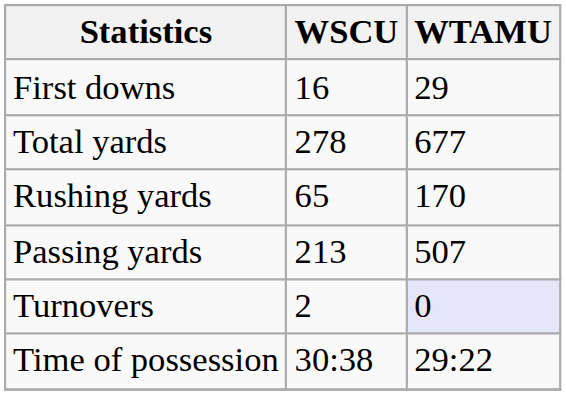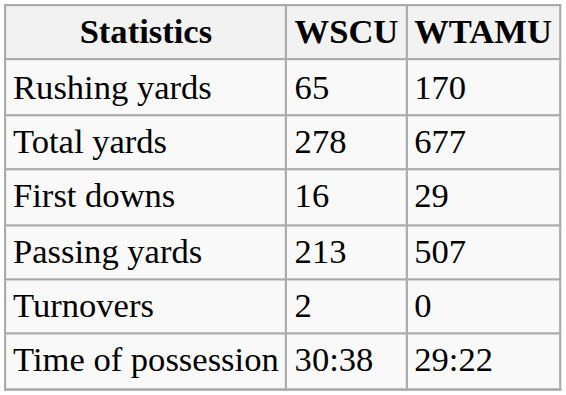 <table class="wikitable">
 <tr>
 <th>Statistics</th>
 <th>WSCU</th>
 <th>WTAMU</th>
 </tr>
 <tr>
-<td>First downs</td>
-<td>16</td>
-<td>29</td>
+<td>Rushing yards</td>
+<td>65</td>
+<td>170</td>
 </tr>
 <tr>
 <td>Total yards</td>
 <td>278</td>
 <td>677</td>
 </tr>
 <tr>
-<td>Rushing yards</td>
-<td>65</td>
-<td>170</td>
+<td>First downs</td>
+<td>16</td>
+<td>29</td>
 </tr>
 <tr>
 <td>Passing yards</td>
 <td>213</td>
 <td>507</td>
 </tr>
 <tr>
 <td>Turnovers</td>
 <td>2</td>
-<td style="background: lavender;">0</td>
+<td>0</td>
 </tr>
 <tr>
 <td>Time of possession</td>
 <td>30:38</td>
 <td>29:22</td>
 </tr>
 <tr>
 </tr>
 </table>
